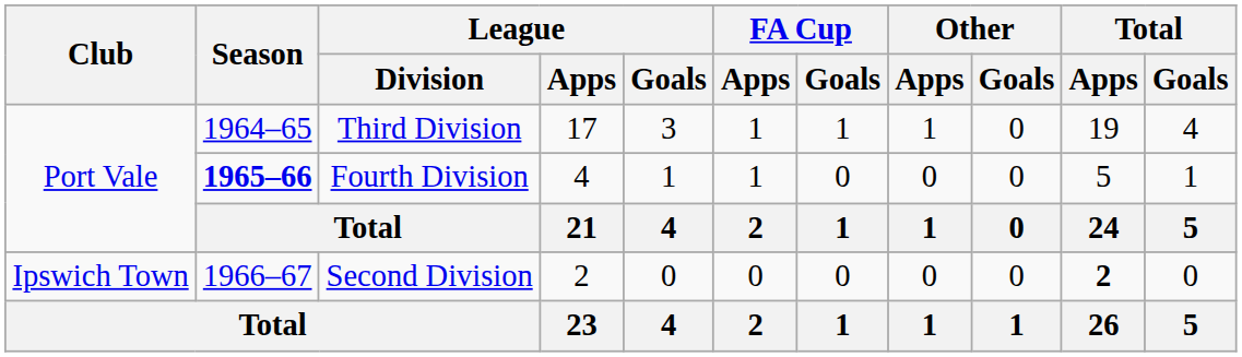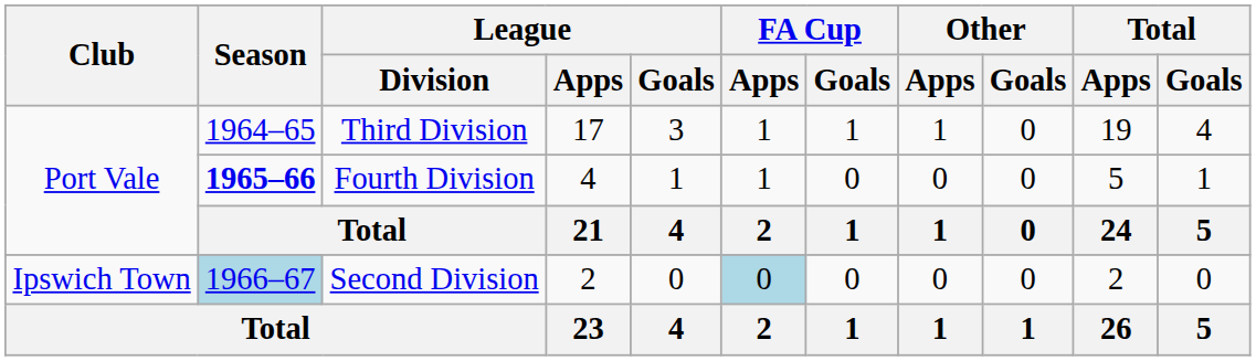 <table class="wikitable" style="text-align:center">
 <tr>
 <th rowspan="2">Club</th>
 <th rowspan="2">Season</th>
 <th colspan="3">League</th>
 <th colspan="2"><a href='#'>FA Cup</a></th>
 <th colspan="2">Other</th>
 <th colspan="2">Total</th>
 </tr>
 <tr>
 <th>Division</th>
 <th>Apps</th>
 <th>Goals</th>
 <th>Apps</th>
 <th>Goals</th>
 <th>Apps</th>
 <th>Goals</th>
 <th>Apps</th>
 <th>Goals</th>
 </tr>
 <tr>
 <td rowspan="3"><a href='#'>Port Vale</a></td>
 <td><a href='#'>1964–65</a></td>
 <td><a href='#'>Third Division</a></td>
 <td>17</td>
 <td>3</td>
 <td>1</td>
 <td>1</td>
 <td>1</td>
 <td>0</td>
 <td>19</td>
 <td>4</td>
 </tr>
 <tr>
 <td><strong><a href='#'>1965–66</a></strong></td>
 <td><a href='#'>Fourth Division</a></td>
 <td>4</td>
 <td>1</td>
 <td>1</td>
 <td>0</td>
 <td>0</td>
 <td>0</td>
 <td>5</td>
 <td>1</td>
 </tr>
 <tr>
 <th colspan="2">Total</th>
 <th>21</th>
 <th>4</th>
 <th>2</th>
 <th>1</th>
 <th>1</th>
 <th>0</th>
 <th>24</th>
 <th>5</th>
 </tr>
 <tr>
 <td><a href='#'>Ipswich Town</a></td>
-<td><a href='#'>1966–67</a></td>
+<td style="background: lightblue;"><a href='#'>1966–67</a></td>
 <td><a href='#'>Second Division</a></td>
 <td>2</td>
 <td>0</td>
+<td style="background: lightblue;">0</td>
 <td>0</td>
 <td>0</td>
 <td>0</td>
-<td>0</td>
-<td><strong>2</strong></td>
+<td>2</td>
 <td>0</td>
 </tr>
 <tr>
 <th colspan="3">Total</th>
 <th>23</th>
 <th>4</th>
 <th>2</th>
 <th>1</th>
 <th>1</th>
 <th>1</th>
 <th>26</th>
 <th>5</th>
 </tr>
 </table>
